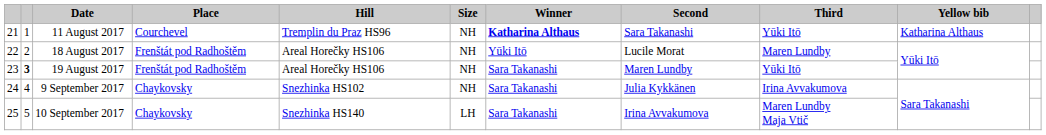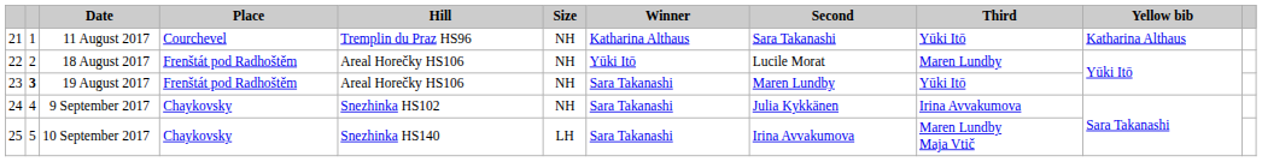 <table class="wikitable plainrowheaders" style="background:#fff; font-size:86%; line-height:16px; border:grey solid 1px; border-collapse:collapse;">
 <tr style="background:#ccc; text-align:center;">
 <th scope="col" style="background:#ccc; width=20 px;"></th>
 <th scope="col" style="background:#ccc; width=30 px;"></th>
 <th scope="col" style="background:#ccc; width:130px;">Date</th>
 <th scope="col" style="background:#ccc; width:200px;">Place</th>
 <th scope="col" style="background:#ccc; width:240px;">Hill</th>
 <th scope="col" style="background:#ccc; width:40px;">Size</th>
 <th scope="col" style="background:#ccc; width:185px;">Winner</th>
 <th scope="col" style="background:#ccc; width:185px;">Second</th>
 <th scope="col" style="background:#ccc; width:185px;">Third</th>
 <th scope="col" style="background:#ccc; width:180px;">Yellow bib</th>
 <th scope="col" style="background:#ccc; width:10px;"></th>
 </tr>
 <tr>
 <td align=center>21</td>
 <td align=center>1</td>
 <td align=right>11 August 2017  </td>
 <td> <a href='#'>Courchevel</a></td>
 <td><a href='#'>Tremplin du Praz</a> HS96</td>
 <td align=center>NH</td>
-<td><strong> <a href='#'>Katharina Althaus</a></strong></td>
+<td> <a href='#'>Katharina Althaus</a></td>
 <td> <a href='#'>Sara Takanashi</a></td>
 <td> <a href='#'>Yūki Itō</a></td>
 <td> <a href='#'>Katharina Althaus</a></td>
 <td></td>
 </tr>
 <tr>
 <td align=center>22</td>
 <td align=center>2</td>
 <td align=right>18 August 2017  </td>
 <td> <a href='#'>Frenštát pod Radhoštěm</a></td>
 <td>Areal Horečky HS106</td>
 <td align=center>NH</td>
 <td> <a href='#'>Yūki Itō</a></td>
 <td> Lucile Morat</td>
 <td> <a href='#'>Maren Lundby</a></td>
 <td rowspan=2> <a href='#'>Yūki Itō</a></td>
 <td></td>
 </tr>
 <tr>
 <td align=center>23</td>
 <td align=center><strong>3</strong></td>
 <td align=right>19 August 2017  </td>
 <td> <a href='#'>Frenštát pod Radhoštěm</a></td>
 <td>Areal Horečky HS106</td>
 <td align=center>NH</td>
 <td> <a href='#'>Sara Takanashi</a></td>
 <td> <a href='#'>Maren Lundby</a></td>
 <td> <a href='#'>Yūki Itō</a></td>
 <td></td>
 </tr>
 <tr>
 <td align=center>24</td>
 <td align=center>4</td>
 <td align=right>9 September 2017  </td>
 <td> <a href='#'>Chaykovsky</a></td>
 <td><a href='#'>Snezhinka</a> HS102</td>
 <td align=center>NH</td>
 <td> <a href='#'>Sara Takanashi</a></td>
 <td> <a href='#'>Julia Kykkänen</a></td>
 <td> <a href='#'>Irina Avvakumova</a></td>
 <td rowspan=2> <a href='#'>Sara Takanashi</a></td>
 <td></td>
 </tr>
 <tr>
 <td align=center>25</td>
 <td align=center>5</td>
 <td align=right>10 September 2017  </td>
 <td> <a href='#'>Chaykovsky</a></td>
 <td><a href='#'>Snezhinka</a> HS140</td>
 <td align=center>LH</td>
 <td> <a href='#'>Sara Takanashi</a></td>
 <td> <a href='#'>Irina Avvakumova</a></td>
 <td> <a href='#'>Maren Lundby</a><br> <a href='#'>Maja Vtič</a></td>
 <td></td>
 </tr>
 </table>
